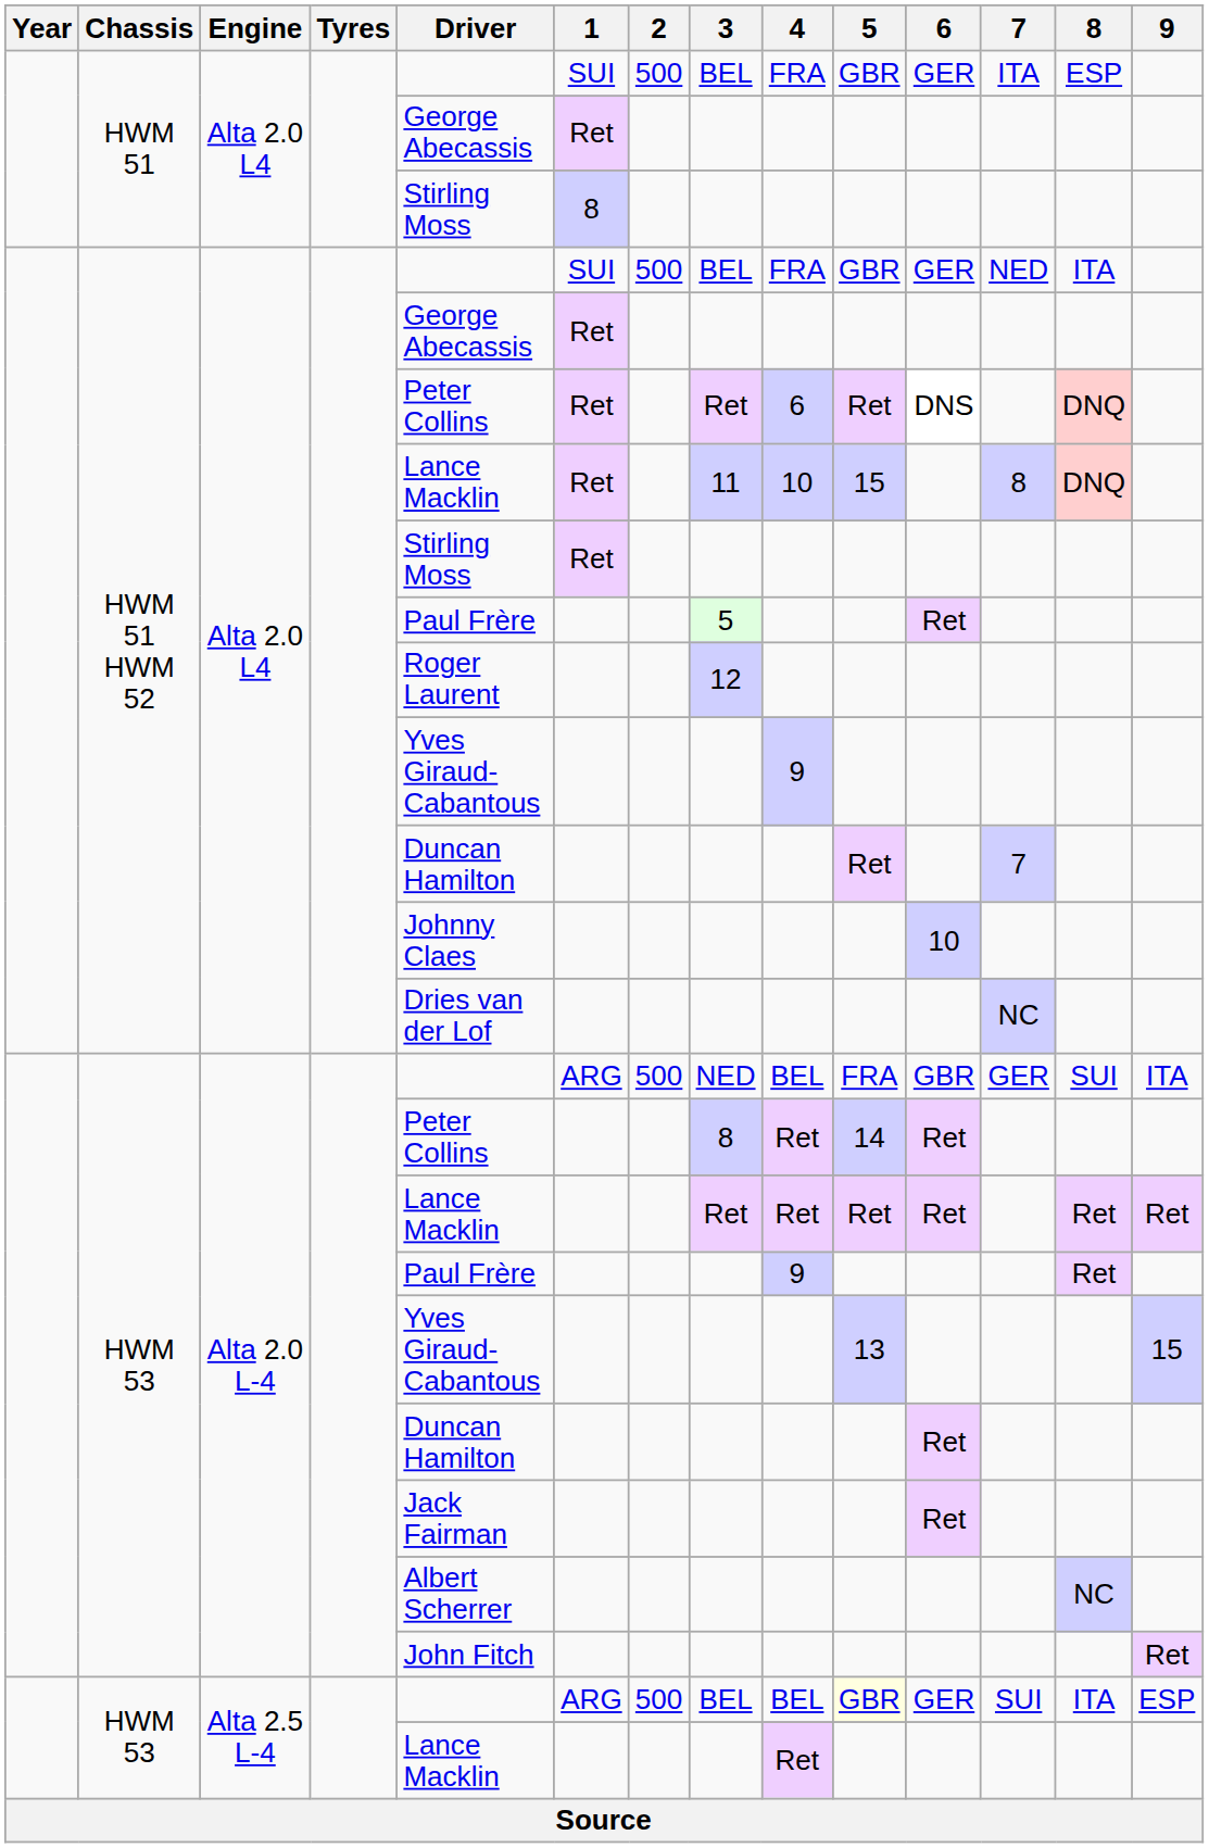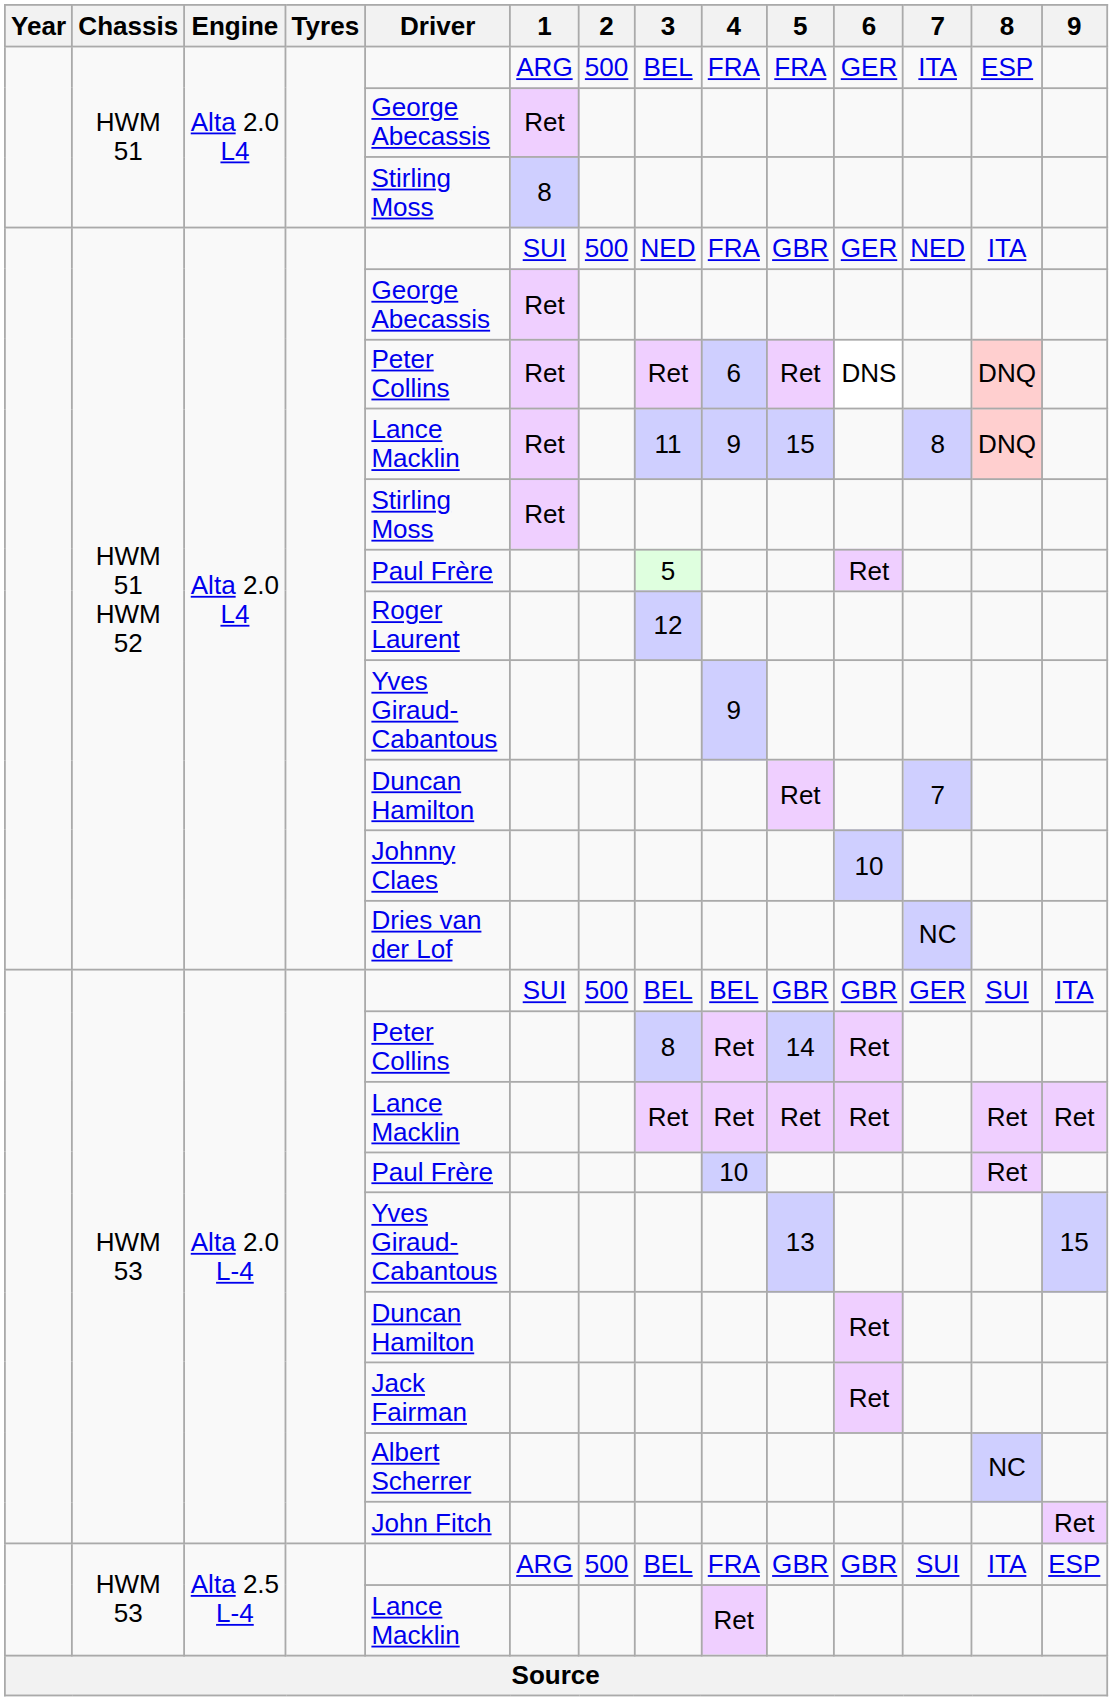 <table class="wikitable" style="text-align:center; font-size:90%">
 <tr>
 <th>Year</th>
 <th>Chassis</th>
 <th>Engine</th>
 <th>Tyres</th>
 <th>Driver</th>
 <th>1</th>
 <th>2</th>
 <th>3</th>
 <th>4</th>
 <th>5</th>
 <th>6</th>
 <th>7</th>
 <th>8</th>
 <th>9</th>
 </tr>
 <tr>
 <td rowspan="3"></td>
 <td rowspan="3">HWM 51</td>
 <td rowspan="3"><a href='#'>Alta</a> 2.0 <a href='#'>L4</a></td>
 <td rowspan="3"></td>
 <td></td>
-<td><a href='#'>SUI</a></td>
+<td><a href='#'>ARG</a></td>
 <td><a href='#'>500</a></td>
 <td><a href='#'>BEL</a></td>
 <td><a href='#'>FRA</a></td>
-<td><a href='#'>GBR</a></td>
+<td><a href='#'>FRA</a></td>
 <td><a href='#'>GER</a></td>
 <td><a href='#'>ITA</a></td>
 <td><a href='#'>ESP</a></td>
 <td></td>
 </tr>
 <tr>
 <td align="left"> <a href='#'>George Abecassis</a></td>
 <td style="background:#EFCFFF;">Ret</td>
 <td></td>
 <td></td>
 <td></td>
 <td></td>
 <td></td>
 <td></td>
 <td></td>
 <td></td>
 </tr>
 <tr>
 <td align="left"> <a href='#'>Stirling Moss</a></td>
 <td style="background:#cfcfff;">8</td>
 <td></td>
 <td></td>
 <td></td>
 <td></td>
 <td></td>
 <td></td>
 <td></td>
 <td></td>
 </tr>
 <tr>
 <td rowspan="11"></td>
 <td rowspan="11">HWM 51<br>HWM 52</td>
 <td rowspan="11"><a href='#'>Alta</a> 2.0 <a href='#'>L4</a></td>
 <td rowspan="11"></td>
 <td></td>
 <td><a href='#'>SUI</a></td>
 <td><a href='#'>500</a></td>
-<td><a href='#'>BEL</a></td>
+<td><a href='#'>NED</a></td>
 <td><a href='#'>FRA</a></td>
 <td><a href='#'>GBR</a></td>
 <td><a href='#'>GER</a></td>
 <td><a href='#'>NED</a></td>
 <td><a href='#'>ITA</a></td>
 <td></td>
 </tr>
 <tr>
 <td align="left"> <a href='#'>George Abecassis</a></td>
 <td style="background:#efcfff;">Ret</td>
 <td></td>
 <td></td>
 <td></td>
 <td></td>
 <td></td>
 <td></td>
 <td></td>
 <td></td>
 </tr>
 <tr>
 <td align="left"> <a href='#'>Peter Collins</a></td>
 <td style="background:#efcfff;">Ret</td>
 <td></td>
 <td style="background:#efcfff;">Ret</td>
 <td style="background:#cfcfff;">6</td>
 <td style="background:#efcfff;">Ret</td>
 <td style="background:#ffffff;">DNS</td>
 <td></td>
 <td style="background:#ffcfcf;">DNQ</td>
 <td></td>
 </tr>
 <tr>
 <td align="left"> <a href='#'>Lance Macklin</a></td>
 <td style="background:#efcfff;">Ret</td>
 <td></td>
 <td style="background:#cfcfff;">11</td>
-<td style="background:#CFCFFF;">10</td>
+<td style="background:#cfcfff;">9</td>
 <td style="background:#cfcfff;">15</td>
 <td></td>
 <td style="background:#cfcfff;">8</td>
 <td style="background:#ffcfcf;">DNQ</td>
 <td></td>
 </tr>
 <tr>
 <td align="left"> <a href='#'>Stirling Moss</a></td>
 <td style="background:#efcfff;">Ret</td>
 <td></td>
 <td></td>
 <td></td>
 <td></td>
 <td></td>
 <td></td>
 <td></td>
 <td></td>
 </tr>
 <tr>
 <td align="left"> <a href='#'>Paul Frère</a></td>
 <td></td>
 <td></td>
 <td style="background:#dfffdf;">5</td>
 <td></td>
 <td></td>
 <td style="background:#efcfff;">Ret</td>
 <td></td>
 <td></td>
 <td></td>
 </tr>
 <tr>
 <td align="left"> <a href='#'>Roger Laurent</a></td>
 <td></td>
 <td></td>
 <td style="background:#cfcfff;">12</td>
 <td></td>
 <td></td>
 <td></td>
 <td></td>
 <td></td>
 <td></td>
 </tr>
 <tr>
 <td align="left"> <a href='#'>Yves Giraud-Cabantous</a></td>
 <td></td>
 <td></td>
 <td></td>
 <td style="background:#cfcfff;">9</td>
 <td></td>
 <td></td>
 <td></td>
 <td></td>
 <td></td>
 </tr>
 <tr>
 <td align="left"> <a href='#'>Duncan Hamilton</a></td>
 <td></td>
 <td></td>
 <td></td>
 <td></td>
 <td style="background:#efcfff;">Ret</td>
 <td></td>
 <td style="background:#cfcfff;">7</td>
 <td></td>
 <td></td>
 </tr>
 <tr>
 <td align="left"> <a href='#'>Johnny Claes</a></td>
 <td></td>
 <td></td>
 <td></td>
 <td></td>
 <td></td>
 <td style="background:#cfcfff;">10</td>
 <td></td>
 <td></td>
 <td></td>
 </tr>
 <tr>
 <td align="left"> <a href='#'>Dries van der Lof</a></td>
 <td></td>
 <td></td>
 <td></td>
 <td></td>
 <td></td>
 <td></td>
 <td style="background:#cfcfff;">NC</td>
 <td></td>
 <td></td>
 </tr>
 <tr>
 <td rowspan="9"></td>
 <td rowspan="9">HWM 53</td>
 <td rowspan="9"><a href='#'>Alta</a> 2.0 <a href='#'>L-4</a></td>
 <td rowspan="9"></td>
 <td></td>
-<td><a href='#'>ARG</a></td>
+<td><a href='#'>SUI</a></td>
 <td><a href='#'>500</a></td>
-<td><a href='#'>NED</a></td>
 <td><a href='#'>BEL</a></td>
-<td><a href='#'>FRA</a></td>
+<td><a href='#'>BEL</a></td>
+<td><a href='#'>GBR</a></td>
 <td><a href='#'>GBR</a></td>
 <td><a href='#'>GER</a></td>
 <td><a href='#'>SUI</a></td>
 <td><a href='#'>ITA</a></td>
 </tr>
 <tr>
 <td align="left"> <a href='#'>Peter Collins</a></td>
 <td></td>
 <td></td>
 <td style="background:#CFCFFF;">8</td>
 <td style="background:#EFCFFF;">Ret</td>
 <td style="background:#CFCFFF;">14</td>
 <td style="background:#EFCFFF;">Ret</td>
 <td></td>
 <td></td>
 <td></td>
 </tr>
 <tr>
 <td align="left"> <a href='#'>Lance Macklin</a></td>
 <td></td>
 <td></td>
 <td style="background:#EFCFFF;">Ret</td>
 <td style="background:#EFCFFF;">Ret</td>
 <td style="background:#EFCFFF;">Ret</td>
 <td style="background:#EFCFFF;">Ret</td>
 <td></td>
 <td style="background:#EFCFFF;">Ret</td>
 <td style="background:#EFCFFF;">Ret</td>
 </tr>
 <tr>
 <td align="left"> <a href='#'>Paul Frère</a></td>
 <td></td>
 <td></td>
 <td></td>
-<td style="background:#cfcfff;">9</td>
+<td style="background:#CFCFFF;">10</td>
 <td></td>
 <td></td>
 <td></td>
 <td style="background:#EFCFFF;">Ret</td>
 <td></td>
 </tr>
 <tr>
 <td align="left"> <a href='#'>Yves Giraud-Cabantous</a></td>
 <td></td>
 <td></td>
 <td></td>
 <td></td>
 <td style="background:#CFCFFF;">13</td>
 <td></td>
 <td></td>
 <td></td>
 <td style="background:#CFCFFF;">15</td>
 </tr>
 <tr>
 <td align="left"> <a href='#'>Duncan Hamilton</a></td>
 <td></td>
 <td></td>
 <td></td>
 <td></td>
 <td></td>
 <td style="background:#EFCFFF;">Ret</td>
 <td></td>
 <td></td>
 <td></td>
 </tr>
 <tr>
 <td align="left"> <a href='#'>Jack Fairman</a></td>
 <td></td>
 <td></td>
 <td></td>
 <td></td>
 <td></td>
 <td style="background:#EFCFFF;">Ret</td>
 <td></td>
 <td></td>
 <td></td>
 </tr>
 <tr>
 <td align="left"> <a href='#'>Albert Scherrer</a></td>
 <td></td>
 <td></td>
 <td></td>
 <td></td>
 <td></td>
 <td></td>
 <td></td>
 <td style="background:#CFCFFF;">NC</td>
 <td></td>
 </tr>
 <tr>
 <td align="left"> <a href='#'>John Fitch</a></td>
 <td></td>
 <td></td>
 <td></td>
 <td></td>
 <td></td>
 <td></td>
 <td></td>
 <td></td>
 <td style="background:#EFCFFF;">Ret</td>
 </tr>
 <tr>
 <td rowspan="2"></td>
 <td rowspan="2">HWM 53</td>
 <td rowspan="2"><a href='#'>Alta</a> 2.5 <a href='#'>L-4</a></td>
 <td rowspan="2"></td>
 <td></td>
 <td><a href='#'>ARG</a></td>
 <td><a href='#'>500</a></td>
 <td><a href='#'>BEL</a></td>
-<td><a href='#'>BEL</a></td>
-<td style="background: lightyellow;"><a href='#'>GBR</a></td>
-<td><a href='#'>GER</a></td>
+<td><a href='#'>FRA</a></td>
+<td><a href='#'>GBR</a></td>
+<td><a href='#'>GBR</a></td>
 <td><a href='#'>SUI</a></td>
 <td><a href='#'>ITA</a></td>
 <td><a href='#'>ESP</a></td>
 </tr>
 <tr>
 <td align="left"> <a href='#'>Lance Macklin</a></td>
 <td></td>
 <td></td>
 <td></td>
 <td style="background:#EFCFFF;">Ret</td>
 <td></td>
 <td></td>
 <td></td>
 <td></td>
 <td></td>
 </tr>
 <tr>
 <th colspan=14>Source</th>
 </tr>
 </table>
